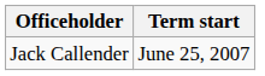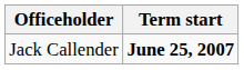 <table class="wikitable sortable">
 <tr style="vertical-align:bottom;">
 <th>Officeholder</th>
 <th>Term start</th>
 </tr>
 <tr>
 <td>Jack Callender</td>
-<td>June 25, 2007</td>
+<td><strong>June 25, 2007</strong></td>
 </tr>
 </table>
